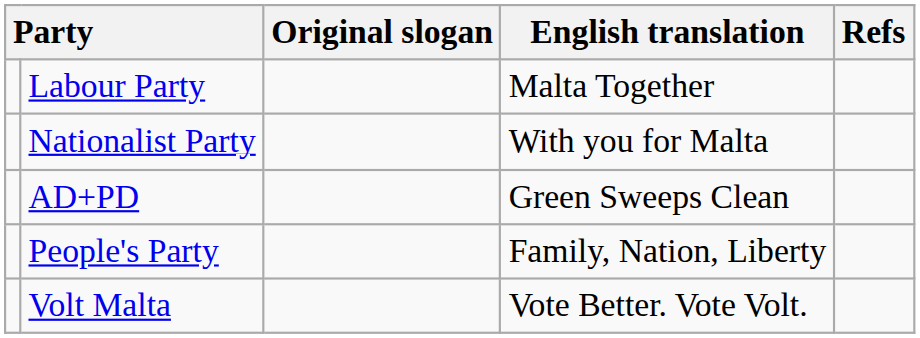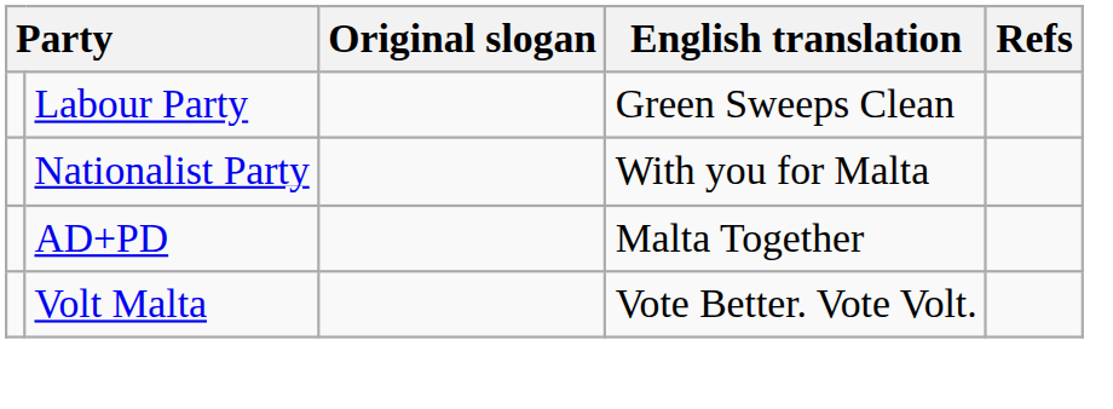 <table class="wikitable" style="font-size:97%; text-align:left">
 <tr>
 <th colspan="2" style="text-align:left;">Party</th>
 <th>Original slogan</th>
 <th>English translation</th>
 <th>Refs</th>
 </tr>
 <tr>
 <td style="background:"></td>
 <td><a href='#'>Labour Party</a></td>
 <td></td>
-<td>Malta Together</td>
+<td>Green Sweeps Clean</td>
 <td></td>
 </tr>
 <tr>
 <td style="background:"></td>
 <td><a href='#'>Nationalist Party</a></td>
 <td></td>
 <td>With you for Malta</td>
 <td></td>
 </tr>
 <tr>
 <td style="background:"></td>
 <td><a href='#'>AD+PD</a></td>
 <td></td>
-<td>Green Sweeps Clean</td>
-<td></td>
-</tr>
-<tr>
-<td style="background:"></td>
-<td><a href='#'>People's Party</a></td>
-<td></td>
-<td>Family, Nation, Liberty</td>
+<td>Malta Together</td>
 <td></td>
 </tr>
 <tr>
 <td style="background:"></td>
 <td><a href='#'>Volt Malta</a></td>
 <td></td>
 <td>Vote Better. Vote Volt.</td>
 <td></td>
 </tr>
 </table>
